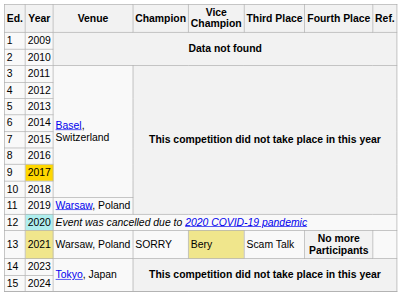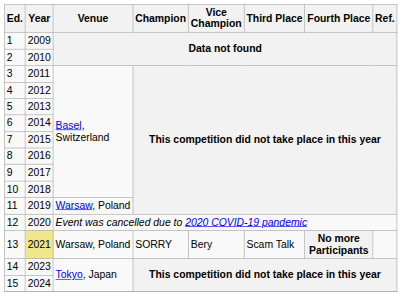 <table class="wikitable">
 <tr>
 <th>Ed.</th>
 <th>Year</th>
 <th>Venue</th>
 <th>Champion</th>
 <th>Vice<br>Champion</th>
 <th>Third Place</th>
 <th>Fourth Place</th>
 <th>Ref.</th>
 </tr>
 <tr>
 <td>1</td>
 <td>2009</td>
 <th colspan="6" rowspan="2">Data not found</th>
 </tr>
 <tr>
 <td>2</td>
 <td>2010</td>
 </tr>
 <tr>
 <td>3</td>
 <td>2011</td>
 <td rowspan="8"><a href='#'>Basel</a>,<br>Switzerland</td>
 <th colspan="5" rowspan="9"><strong>This competition did not take place in this year</strong></th>
 </tr>
 <tr>
 <td>4</td>
 <td>2012</td>
 </tr>
 <tr>
 <td>5</td>
 <td>2013</td>
 </tr>
 <tr>
 <td>6</td>
 <td>2014</td>
 </tr>
 <tr>
 <td>7</td>
 <td>2015</td>
 </tr>
 <tr>
 <td>8</td>
 <td>2016</td>
 </tr>
 <tr>
 <td>9</td>
-<td style="background: gold;">2017</td>
+<td>2017</td>
 </tr>
 <tr>
 <td>10</td>
 <td>2018</td>
 </tr>
 <tr>
 <td>11</td>
 <td>2019</td>
 <td><a href='#'>Warsaw</a>, Poland</td>
 </tr>
 <tr>
 <td>12</td>
-<td style="background: paleturquoise;">2020</td>
+<td>2020</td>
 <td colspan="6"><em>Event was cancelled due to <a href='#'>2020 COVID-19 pandemic</a></em></td>
 </tr>
 <tr>
 <td>13</td>
 <td style="background: khaki;">2021</td>
 <td>Warsaw, Poland</td>
 <td> SORRY</td>
-<td style="background: khaki;"> Bery</td>
+<td> Bery</td>
 <td> Scam Talk</td>
 <th>No more<br>Participants</th>
 <td></td>
 </tr>
 <tr>
 <td>14</td>
 <td>2023</td>
 <td rowspan="2"><a href='#'>Tokyo</a>, Japan</td>
 <th colspan="5" rowspan="2"><strong>This competition did not take place in this year</strong></th>
 </tr>
 <tr>
 <td>15</td>
 <td>2024</td>
 </tr>
 <tr>
 </tr>
 </table>
